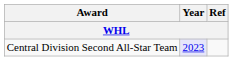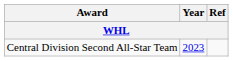 <table class="wikitable">
 <tr>
 <th>Award</th>
 <th>Year</th>
 <th>Ref</th>
 </tr>
 <tr>
 <th colspan="3"><a href='#'>WHL</a></th>
 </tr>
 <tr>
 <td>Central Division Second All-Star Team</td>
-<td style="background: lavender;"><a href='#'>2023</a></td>
+<td><a href='#'>2023</a></td>
 <td></td>
 </tr>
 </table>
